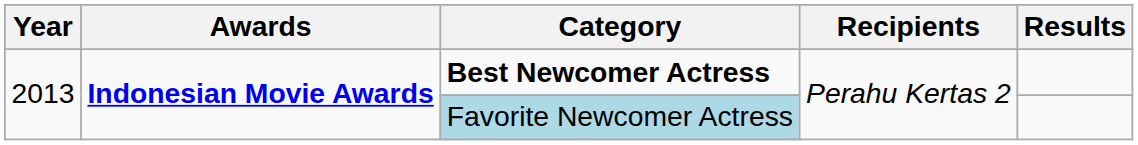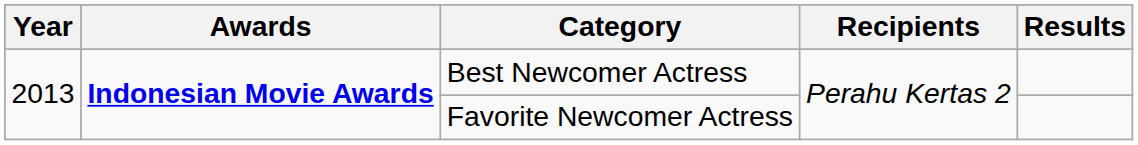 <table class="wikitable">
 <tr>
 <th>Year</th>
 <th>Awards</th>
 <th>Category</th>
 <th>Recipients</th>
 <th>Results</th>
 </tr>
 <tr>
 <td rowspan= "2">2013</td>
 <td rowspan= "2"><strong><a href='#'>Indonesian Movie Awards</a></strong></td>
-<td><strong>Best Newcomer Actress</strong></td>
+<td>Best Newcomer Actress</td>
 <td rowspan= "2"><em>Perahu Kertas 2</em></td>
 <td></td>
 </tr>
 <tr>
-<td style="background: lightblue;">Favorite Newcomer Actress</td>
+<td>Favorite Newcomer Actress</td>
 <td></td>
 </tr>
 </table>
